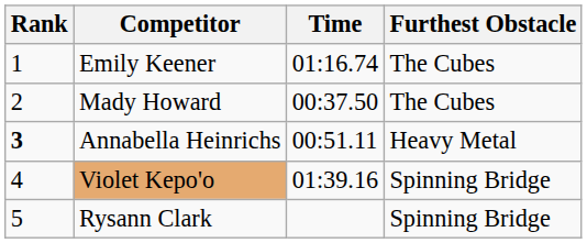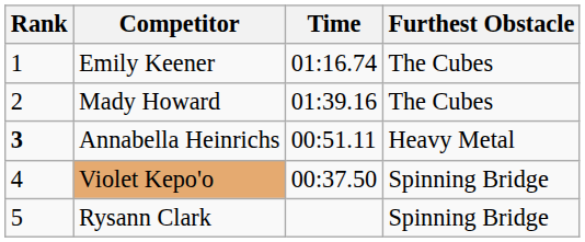 <table class="wikitable sortable mw-collapsible" style="display: inline-table;">
 <tr>
 <th>Rank</th>
 <th>Competitor</th>
 <th>Time</th>
 <th>Furthest Obstacle</th>
 </tr>
 <tr>
 <td>1</td>
 <td>Emily Keener</td>
 <td>01:16.74</td>
 <td>The Cubes</td>
 </tr>
 <tr>
 <td>2</td>
 <td>Mady Howard</td>
-<td>00:37.50</td>
+<td>01:39.16</td>
 <td>The Cubes</td>
 </tr>
 <tr>
 <td><strong>3</strong></td>
 <td>Annabella Heinrichs</td>
 <td>00:51.11</td>
 <td>Heavy Metal</td>
 </tr>
 <tr>
 <td>4</td>
 <td style="background-color:#E5AA70">Violet Kepo'o</td>
-<td>01:39.16</td>
+<td>00:37.50</td>
 <td>Spinning Bridge</td>
 </tr>
 <tr>
 <td>5</td>
 <td>Rysann Clark</td>
 <td></td>
 <td>Spinning Bridge</td>
 </tr>
 </table>
